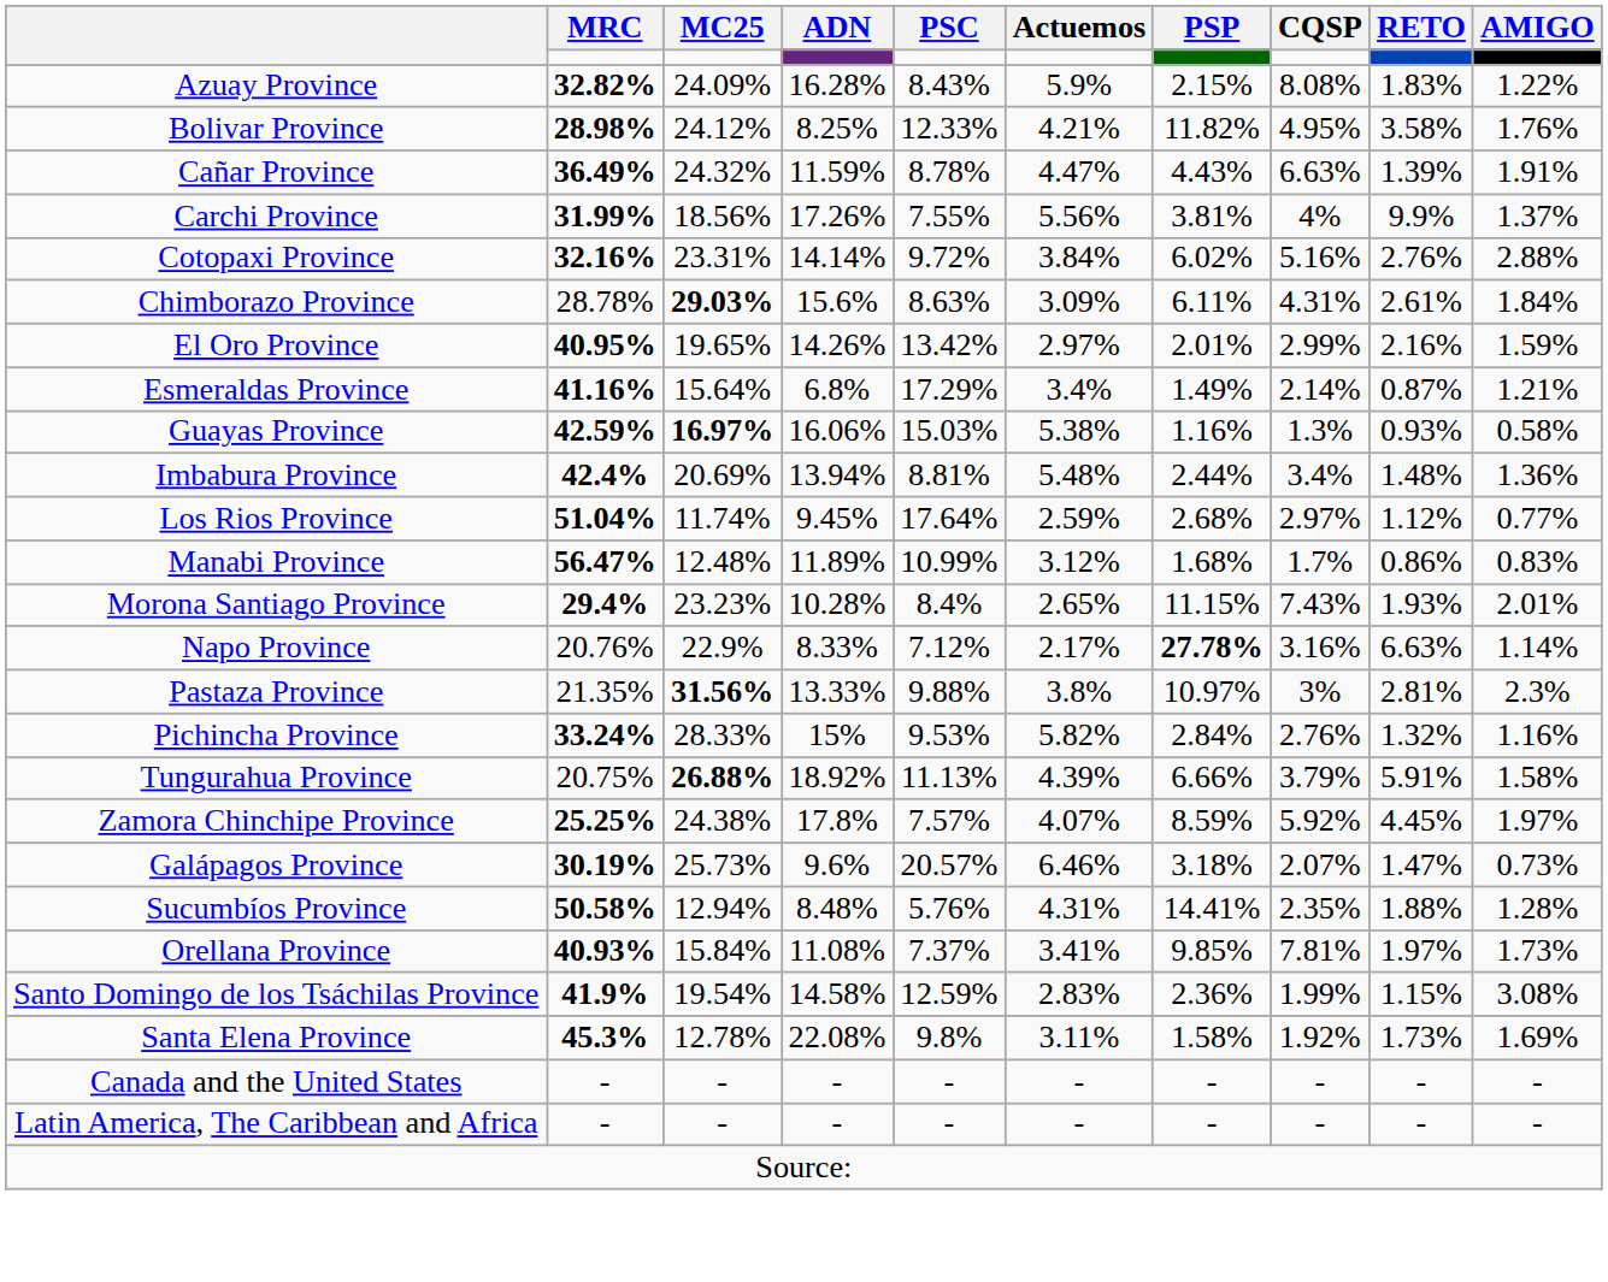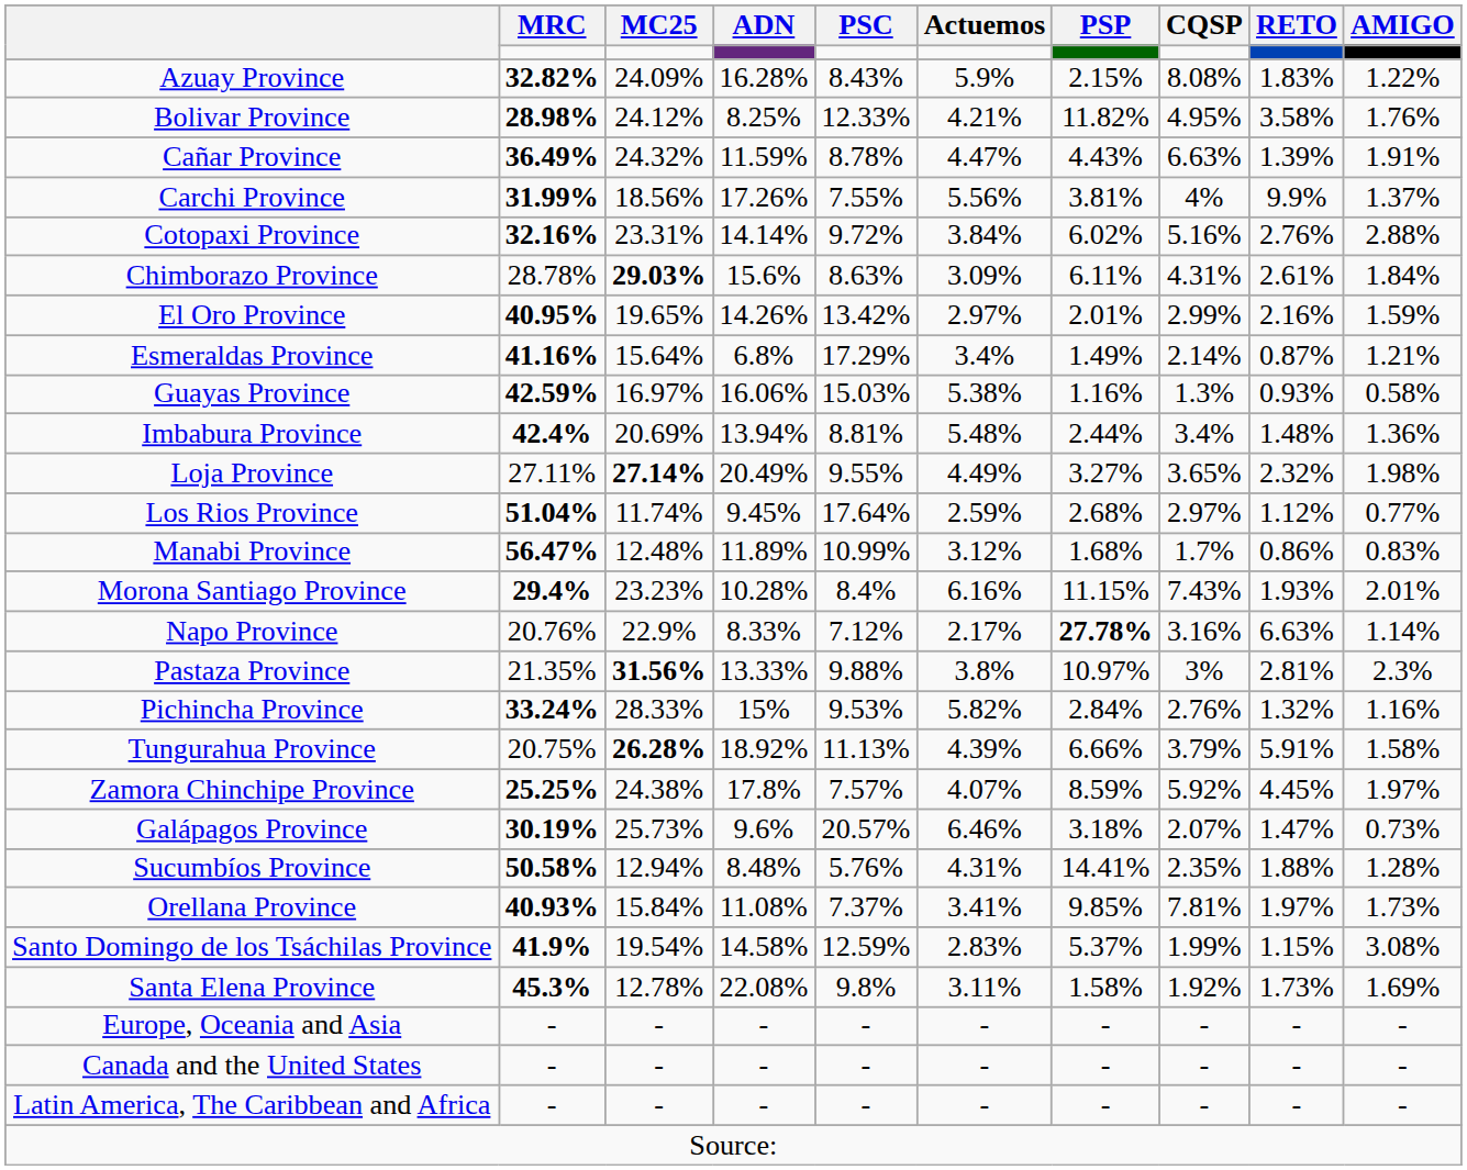 <table class="wikitable" style="text-align:center;font-size:90%;line-height:13px">
 <tr>
 <th rowspan="2"></th>
 <th><a href='#'>MRC</a></th>
 <th><a href='#'>MC25</a></th>
 <th><a href='#'>ADN</a></th>
 <th><a href='#'>PSC</a></th>
 <th>Actuemos</th>
 <th><a href='#'>PSP</a></th>
 <th>CQSP</th>
 <th><a href='#'>RETO</a></th>
 <th><a href='#'>AMIGO</a></th>
 </tr>
 <tr>
 <td bgcolor=></td>
 <td bgcolor=></td>
 <td bgcolor="#63267D"></td>
 <td></td>
 <td></td>
 <td bgcolor="#006400"></td>
 <td></td>
 <td bgcolor="#0041B3"></td>
 <td bgcolor="black"></td>
 </tr>
 <tr>
 <td><a href='#'>Azuay Province</a></td>
 <td style="background:"><strong>32.82%</strong></td>
 <td>24.09%</td>
 <td>16.28%</td>
 <td>8.43%</td>
 <td>5.9%</td>
 <td>2.15%</td>
 <td>8.08%</td>
 <td>1.83%</td>
 <td>1.22%</td>
 </tr>
 <tr>
 <td><a href='#'>Bolivar Province</a></td>
 <td style="background:"><strong>28.98%</strong></td>
 <td>24.12%</td>
 <td>8.25%</td>
 <td>12.33%</td>
 <td>4.21%</td>
 <td>11.82%</td>
 <td>4.95%</td>
 <td>3.58%</td>
 <td>1.76%</td>
 </tr>
 <tr>
 <td><a href='#'>Cañar Province</a></td>
 <td style="background:"><strong>36.49%</strong></td>
 <td>24.32%</td>
 <td>11.59%</td>
 <td>8.78%</td>
 <td>4.47%</td>
 <td>4.43%</td>
 <td>6.63%</td>
 <td>1.39%</td>
 <td>1.91%</td>
 </tr>
 <tr>
 <td><a href='#'>Carchi Province</a></td>
 <td style="background:"><strong>31.99%</strong></td>
 <td>18.56%</td>
 <td>17.26%</td>
 <td>7.55%</td>
 <td>5.56%</td>
 <td>3.81%</td>
 <td>4%</td>
 <td>9.9%</td>
 <td>1.37%</td>
 </tr>
 <tr>
 <td><a href='#'>Cotopaxi Province</a></td>
 <td style="background:"><strong>32.16%</strong></td>
 <td>23.31%</td>
 <td>14.14%</td>
 <td>9.72%</td>
 <td>3.84%</td>
 <td>6.02%</td>
 <td>5.16%</td>
 <td>2.76%</td>
 <td>2.88%</td>
 </tr>
 <tr>
 <td><a href='#'>Chimborazo Province</a></td>
 <td>28.78%</td>
 <td style="background:"><strong>29.03%</strong></td>
 <td>15.6%</td>
 <td>8.63%</td>
 <td>3.09%</td>
 <td>6.11%</td>
 <td>4.31%</td>
 <td>2.61%</td>
 <td>1.84%</td>
 </tr>
 <tr>
 <td><a href='#'>El Oro Province</a></td>
 <td style="background:"><strong>40.95%</strong></td>
 <td>19.65%</td>
 <td>14.26%</td>
 <td>13.42%</td>
 <td>2.97%</td>
 <td>2.01%</td>
 <td>2.99%</td>
 <td>2.16%</td>
 <td>1.59%</td>
 </tr>
 <tr>
 <td><a href='#'>Esmeraldas Province</a></td>
 <td style="background:"><strong>41.16%</strong></td>
 <td>15.64%</td>
 <td>6.8%</td>
 <td>17.29%</td>
 <td>3.4%</td>
 <td>1.49%</td>
 <td>2.14%</td>
 <td>0.87%</td>
 <td>1.21%</td>
 </tr>
 <tr>
 <td><a href='#'>Guayas Province</a></td>
 <td style="background:"><strong>42.59%</strong></td>
-<td><strong>16.97%</strong></td>
+<td>16.97%</td>
 <td>16.06%</td>
 <td>15.03%</td>
 <td>5.38%</td>
 <td>1.16%</td>
 <td>1.3%</td>
 <td>0.93%</td>
 <td>0.58%</td>
 </tr>
 <tr>
 <td><a href='#'>Imbabura Province</a></td>
 <td style="background:"><strong>42.4%</strong></td>
 <td>20.69%</td>
 <td>13.94%</td>
 <td>8.81%</td>
 <td>5.48%</td>
 <td>2.44%</td>
 <td>3.4%</td>
 <td>1.48%</td>
 <td>1.36%</td>
+</tr>
+<tr>
+<td><a href='#'>Loja Province</a></td>
+<td>27.11%</td>
+<td style="background:"><strong>27.14%</strong></td>
+<td>20.49%</td>
+<td>9.55%</td>
+<td>4.49%</td>
+<td>3.27%</td>
+<td>3.65%</td>
+<td>2.32%</td>
+<td>1.98%</td>
 </tr>
 <tr>
 <td><a href='#'>Los Rios Province</a></td>
 <td style="background:"><strong>51.04%</strong></td>
 <td>11.74%</td>
 <td>9.45%</td>
 <td>17.64%</td>
 <td>2.59%</td>
 <td>2.68%</td>
 <td>2.97%</td>
 <td>1.12%</td>
 <td>0.77%</td>
 </tr>
 <tr>
 <td><a href='#'>Manabi Province</a></td>
 <td style="background:"><strong>56.47%</strong></td>
 <td>12.48%</td>
 <td>11.89%</td>
 <td>10.99%</td>
 <td>3.12%</td>
 <td>1.68%</td>
 <td>1.7%</td>
 <td>0.86%</td>
 <td>0.83%</td>
 </tr>
 <tr>
 <td><a href='#'>Morona Santiago Province</a></td>
 <td style="background:"><strong>29.4%</strong></td>
 <td>23.23%</td>
 <td>10.28%</td>
 <td>8.4%</td>
-<td>2.65%</td>
+<td>6.16%</td>
 <td>11.15%</td>
 <td>7.43%</td>
 <td>1.93%</td>
 <td>2.01%</td>
 </tr>
 <tr>
 <td><a href='#'>Napo Province</a></td>
 <td>20.76%</td>
 <td>22.9%</td>
 <td>8.33%</td>
 <td>7.12%</td>
 <td>2.17%</td>
 <td style="background:"><strong>27.78%</strong></td>
 <td>3.16%</td>
 <td>6.63%</td>
 <td>1.14%</td>
 </tr>
 <tr>
 <td><a href='#'>Pastaza Province</a></td>
 <td>21.35%</td>
 <td style="background:"><strong>31.56%</strong></td>
 <td>13.33%</td>
 <td>9.88%</td>
 <td>3.8%</td>
 <td>10.97%</td>
 <td>3%</td>
 <td>2.81%</td>
 <td>2.3%</td>
 </tr>
 <tr>
 <td><a href='#'>Pichincha Province</a></td>
 <td style="background:"><strong>33.24%</strong></td>
 <td>28.33%</td>
 <td>15%</td>
 <td>9.53%</td>
 <td>5.82%</td>
 <td>2.84%</td>
 <td>2.76%</td>
 <td>1.32%</td>
 <td>1.16%</td>
 </tr>
 <tr>
 <td><a href='#'>Tungurahua Province</a></td>
 <td>20.75%</td>
-<td style="background:"><strong>26.88%</strong></td>
+<td style="background:"><strong>26.28%</strong></td>
 <td>18.92%</td>
 <td>11.13%</td>
 <td>4.39%</td>
 <td>6.66%</td>
 <td>3.79%</td>
 <td>5.91%</td>
 <td>1.58%</td>
 </tr>
 <tr>
 <td><a href='#'>Zamora Chinchipe Province</a></td>
 <td style="background:"><strong>25.25%</strong></td>
 <td>24.38%</td>
 <td>17.8%</td>
 <td>7.57%</td>
 <td>4.07%</td>
 <td>8.59%</td>
 <td>5.92%</td>
 <td>4.45%</td>
 <td>1.97%</td>
 </tr>
 <tr>
 <td><a href='#'>Galápagos Province</a></td>
 <td style="background:"><strong>30.19%</strong></td>
 <td>25.73%</td>
 <td>9.6%</td>
 <td>20.57%</td>
 <td>6.46%</td>
 <td>3.18%</td>
 <td>2.07%</td>
 <td>1.47%</td>
 <td>0.73%</td>
 </tr>
 <tr>
 <td><a href='#'>Sucumbíos Province</a></td>
 <td style="background:"><strong>50.58%</strong></td>
 <td>12.94%</td>
 <td>8.48%</td>
 <td>5.76%</td>
 <td>4.31%</td>
 <td>14.41%</td>
 <td>2.35%</td>
 <td>1.88%</td>
 <td>1.28%</td>
 </tr>
 <tr>
 <td><a href='#'>Orellana Province</a></td>
 <td style="background:"><strong>40.93%</strong></td>
 <td>15.84%</td>
 <td>11.08%</td>
 <td>7.37%</td>
 <td>3.41%</td>
 <td>9.85%</td>
 <td>7.81%</td>
 <td>1.97%</td>
 <td>1.73%</td>
 </tr>
 <tr>
 <td><a href='#'>Santo Domingo de los Tsáchilas Province</a></td>
 <td style="background:"><strong>41.9%</strong></td>
 <td>19.54%</td>
 <td>14.58%</td>
 <td>12.59%</td>
 <td>2.83%</td>
-<td>2.36%</td>
+<td>5.37%</td>
 <td>1.99%</td>
 <td>1.15%</td>
 <td>3.08%</td>
 </tr>
 <tr>
 <td><a href='#'>Santa Elena Province</a></td>
 <td style="background:"><strong>45.3%</strong></td>
 <td>12.78%</td>
 <td>22.08%</td>
 <td>9.8%</td>
 <td>3.11%</td>
 <td>1.58%</td>
 <td>1.92%</td>
 <td>1.73%</td>
 <td>1.69%</td>
+</tr>
+<tr>
+<td><a href='#'>Europe</a>, <a href='#'>Oceania</a> and <a href='#'>Asia</a></td>
+<td>-</td>
+<td>-</td>
+<td>-</td>
+<td>-</td>
+<td>-</td>
+<td>-</td>
+<td>-</td>
+<td>-</td>
+<td>-</td>
 </tr>
 <tr>
 <td><a href='#'>Canada</a> and the <a href='#'>United States</a></td>
 <td>-</td>
 <td>-</td>
 <td>-</td>
 <td>-</td>
 <td>-</td>
 <td>-</td>
 <td>-</td>
 <td>-</td>
 <td>-</td>
 </tr>
 <tr>
 <td><a href='#'>Latin America</a>, <a href='#'>The Caribbean</a> and <a href='#'>Africa</a></td>
 <td>-</td>
 <td>-</td>
 <td>-</td>
 <td>-</td>
 <td>-</td>
 <td>-</td>
 <td>-</td>
 <td>-</td>
 <td>-</td>
 </tr>
 <tr>
 <td colspan="10">Source: </td>
 </tr>
 </table>
